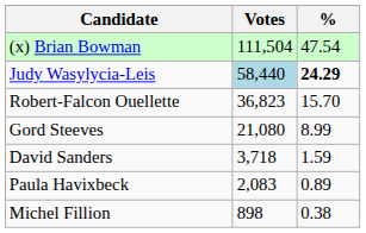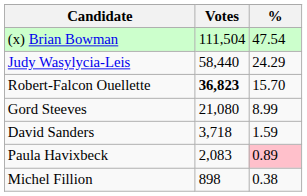 <table class="wikitable sortable">
 <tr>
 </tr>
 <tr>
 <th bgcolor="#DDDDFF" width="200px" scope="col">Candidate</th>
 <th bgcolor="#DDDDFF" width="50px" scope="col">Votes</th>
 <th bgcolor="#DDDDFF" width="50px" scope="col">%</th>
 </tr>
 <tr style="text-align:left; background:#cfc;">
 <td scope="row">(x) <a href='#'>Brian Bowman</a></td>
 <td>111,504</td>
 <td>47.54</td>
 </tr>
 <tr>
 <td scope="row"><a href='#'>Judy Wasylycia-Leis</a></td>
-<td style="background: lightblue;">58,440</td>
-<td><strong>24.29</strong></td>
+<td>58,440</td>
+<td>24.29</td>
 </tr>
 <tr>
 <td scope="row">Robert-Falcon Ouellette</td>
-<td>36,823</td>
+<td><strong>36,823</strong></td>
 <td>15.70</td>
 </tr>
 <tr>
 <td scope="row">Gord Steeves</td>
 <td>21,080</td>
 <td>8.99</td>
 </tr>
 <tr>
 <td scope="row">David Sanders</td>
 <td>3,718</td>
 <td>1.59</td>
 </tr>
 <tr>
 <td scope="row">Paula Havixbeck</td>
 <td>2,083</td>
-<td>0.89</td>
+<td style="background: pink;">0.89</td>
 </tr>
 <tr>
 <td scope="row">Michel Fillion</td>
 <td>898</td>
 <td>0.38</td>
 </tr>
 </table>
